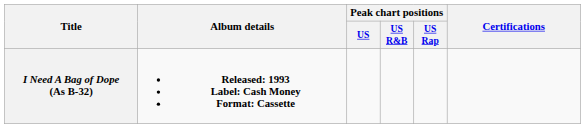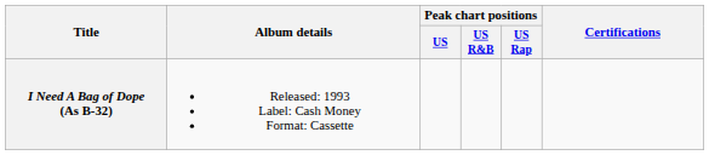 <table class="wikitable plainrowheaders" style="text-align:center;">
 <tr>
 <th scope="col" rowspan="2" style="width:12em;">Title</th>
 <th scope="col" rowspan="2" style="width:19em;">Album details</th>
 <th scope="col" colspan="3">Peak chart positions</th>
 <th scope="col" rowspan="2" style="width:12em;"><a href='#'>Certifications</a></th>
 </tr>
 <tr>
 <th scope="col" style="width:3em;font-size:90%;"><a href='#'>US</a><br></th>
 <th scope="col" style="width:3em;font-size:90%;"><a href='#'>US<br>R&B</a><br></th>
 <th scope="col" style="width:3em;font-size:90%;"><a href='#'>US<br>Rap</a><br></th>
 </tr>
 <tr>
 <th scope="row"><em>I Need A Bag of Dope</em><br>(As B-32)</th>
-<td><strong><br><ul><li>Released: 1993</li><li>Label: Cash Money</li><li>Format: Cassette</li></ul></strong></td>
+<td><br><ul><li>Released: 1993</li><li>Label: Cash Money</li><li>Format: Cassette</li></ul></td>
 <td></td>
 <td></td>
 <td></td>
 <td></td>
 </tr>
 </table>
